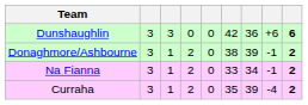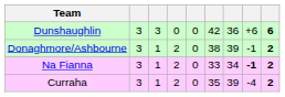 <table class="wikitable" style="text-align:center">
 <tr>
 <th style="width:175px;">Team</th>
 <th width="20"></th>
 <th width="20"></th>
 <th width="20"></th>
 <th width="20"></th>
 <th width="20"></th>
 <th width="20"></th>
 <th width="20"></th>
 <th width="20"></th>
 </tr>
 <tr style="background:#cfc;">
 <td><a href='#'>Dunshaughlin</a></td>
 <td>3</td>
 <td>3</td>
 <td>0</td>
 <td>0</td>
 <td>42</td>
 <td>36</td>
 <td>+6</td>
 <td><strong>6</strong></td>
 </tr>
 <tr style="background:#cfc;">
 <td><a href='#'>Donaghmore/Ashbourne</a></td>
 <td>3</td>
 <td>1</td>
 <td>2</td>
 <td>0</td>
 <td>38</td>
 <td>39</td>
 <td>-1</td>
 <td><strong>2</strong></td>
 </tr>
 <tr style="background:#fcf;">
 <td><a href='#'>Na Fianna</a></td>
 <td>3</td>
 <td>1</td>
 <td>2</td>
 <td>0</td>
 <td>33</td>
 <td>34</td>
-<td>-1</td>
+<td><strong>-1</strong></td>
 <td><strong>2</strong></td>
 </tr>
 <tr style="background:#fcf;">
 <td>Curraha</td>
 <td>3</td>
 <td>1</td>
 <td>2</td>
 <td>0</td>
 <td>35</td>
 <td>39</td>
 <td>-4</td>
 <td><strong>2</strong></td>
 </tr>
 </table>
